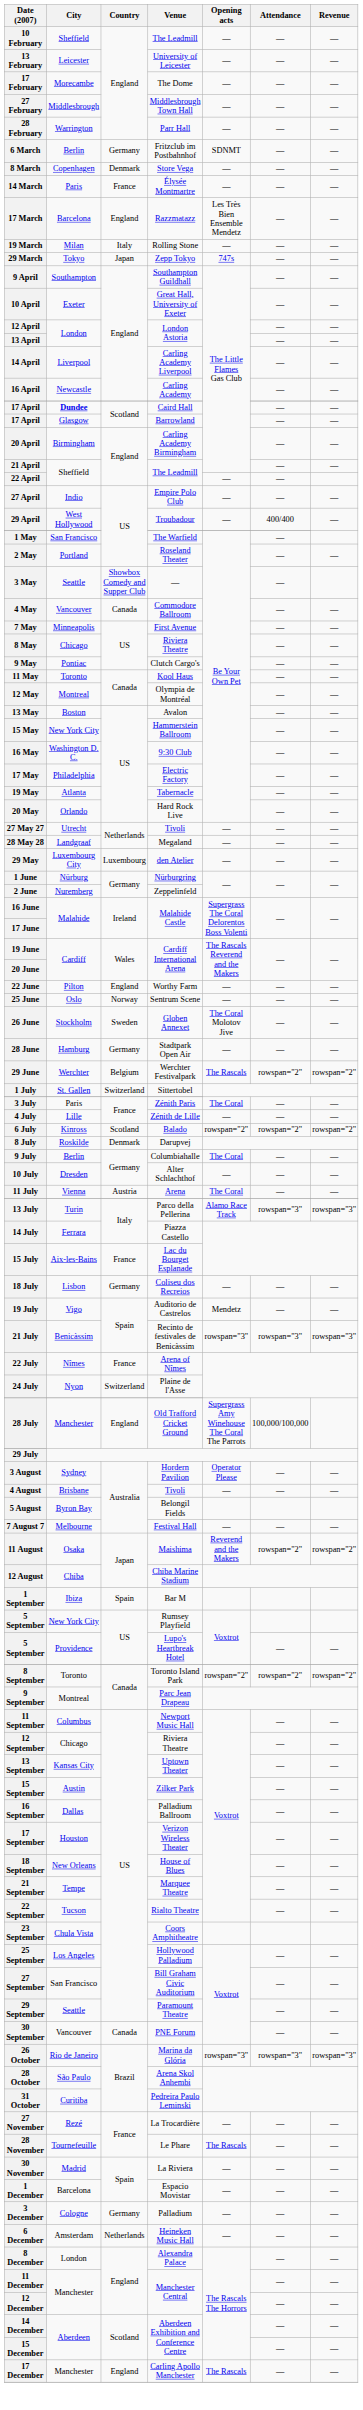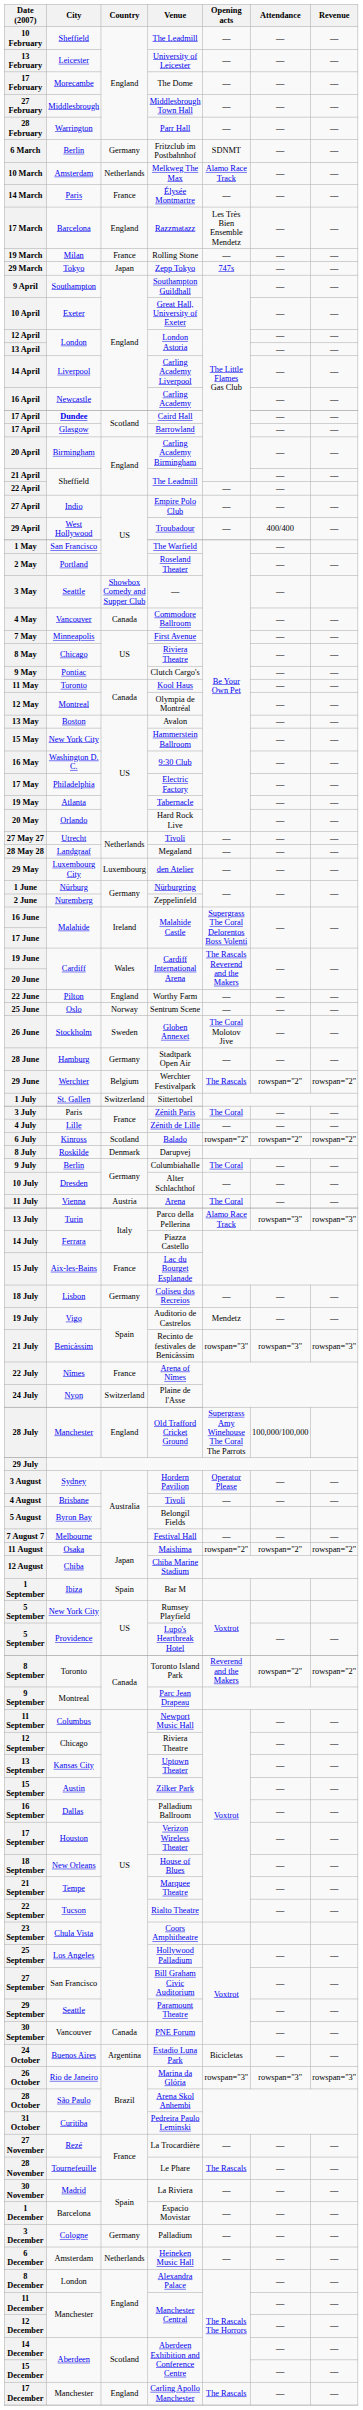 <table class="wikitable plainrowheaders" style="text-align:center;">
 <tr>
 <th scope="col" style="width:12em;">Date (2007)</th>
 <th scope="col" style="width:10em;">City</th>
 <th scope="col" style="width:10em;">Country</th>
 <th scope="col" style="width:16em;">Venue</th>
 <th scope="col" style="width:10em;">Opening acts</th>
 <th scope="col" style="width:10em;">Attendance</th>
 <th scope="col" style="width:10em;">Revenue</th>
 </tr>
 <tr>
 <th scope="row">10 February</th>
 <td><a href='#'>Sheffield</a></td>
 <td rowspan="5">England</td>
 <td><a href='#'>The Leadmill</a></td>
 <td>—</td>
 <td>—</td>
 <td>—</td>
 </tr>
 <tr>
 <th scope="row">13 February</th>
 <td><a href='#'>Leicester</a></td>
 <td><a href='#'>University of Leicester</a></td>
 <td>—</td>
 <td>—</td>
 <td>—</td>
 </tr>
 <tr>
 <th scope="row">17 February</th>
 <td><a href='#'>Morecambe</a></td>
 <td>The Dome</td>
 <td>—</td>
 <td>—</td>
 <td>—</td>
 </tr>
 <tr>
 <th scope="row">27 February</th>
 <td><a href='#'>Middlesbrough</a></td>
 <td><a href='#'>Middlesbrough Town Hall</a></td>
 <td>—</td>
 <td>—</td>
 <td>—</td>
 </tr>
 <tr>
 <th scope="row">28 February</th>
 <td><a href='#'>Warrington</a></td>
 <td><a href='#'>Parr Hall</a></td>
 <td>—</td>
 <td>—</td>
 <td>—</td>
 </tr>
 <tr>
 <th scope="row">6 March</th>
 <td><a href='#'>Berlin</a></td>
 <td>Germany</td>
 <td>Fritzclub im Postbahnhof</td>
 <td>SDNMT</td>
 <td>—</td>
 <td>—</td>
 </tr>
 <tr>
-<th scope="row">8 March</th>
-<td><a href='#'>Copenhagen</a></td>
-<td>Denmark</td>
-<td><a href='#'>Store Vega</a></td>
-<td>—</td>
+<th scope="row">10 March</th>
+<td><a href='#'>Amsterdam</a></td>
+<td>Netherlands</td>
+<td><a href='#'>Melkweg The Max</a></td>
+<td><a href='#'>Alamo Race Track</a></td>
 <td>—</td>
 <td>—</td>
 </tr>
 <tr>
 <th scope="row">14 March</th>
 <td><a href='#'>Paris</a></td>
 <td>France</td>
 <td><a href='#'>Élysée Montmartre</a></td>
 <td>—</td>
 <td>—</td>
 <td>—</td>
 </tr>
 <tr>
 <th scope="row">17 March</th>
 <td><a href='#'>Barcelona</a></td>
 <td>England</td>
 <td><a href='#'>Razzmatazz</a></td>
 <td>Les Très Bien Ensemble <br> Mendetz</td>
 <td>—</td>
 <td>—</td>
 </tr>
 <tr>
 <th scope="row">19 March</th>
 <td><a href='#'>Milan</a></td>
-<td>Italy</td>
+<td>France</td>
 <td>Rolling Stone</td>
 <td>—</td>
 <td>—</td>
 <td>—</td>
 </tr>
 <tr>
 <th scope="row">29 March</th>
 <td><a href='#'>Tokyo</a></td>
 <td>Japan</td>
 <td><a href='#'>Zepp Tokyo</a></td>
 <td><a href='#'>747s</a></td>
 <td>—</td>
 <td>—</td>
 </tr>
 <tr>
 <th scope="row">9 April</th>
 <td><a href='#'>Southampton</a></td>
 <td rowspan="6">England</td>
 <td><a href='#'>Southampton Guildhall</a></td>
 <td rowspan="11"><a href='#'>The Little Flames</a> <br> Gas Club</td>
 <td>—</td>
 <td>—</td>
 </tr>
 <tr>
 <th scope="row">10 April</th>
 <td><a href='#'>Exeter</a></td>
 <td><a href='#'>Great Hall, University of Exeter</a></td>
 <td>—</td>
 <td>—</td>
 </tr>
 <tr>
 <th scope="row">12 April</th>
 <td rowspan="2"><a href='#'>London</a></td>
 <td rowspan="2"><a href='#'>London Astoria</a></td>
 <td>—</td>
 <td>—</td>
 </tr>
 <tr>
 <th scope="row">13 April</th>
 <td>—</td>
 <td>—</td>
 </tr>
 <tr>
 <th scope="row">14 April</th>
 <td><a href='#'>Liverpool</a></td>
 <td><a href='#'>Carling Academy Liverpool</a></td>
 <td>—</td>
 <td>—</td>
 </tr>
 <tr>
 <th scope="row">16 April</th>
 <td><a href='#'>Newcastle</a></td>
 <td><a href='#'>Carling Academy</a></td>
 <td>—</td>
 <td>—</td>
 </tr>
 <tr>
 </tr>
 <tr>
 <th scope="row">17 April</th>
 <td><strong><a href='#'>Dundee</a></strong></td>
 <td rowspan="2">Scotland</td>
 <td><a href='#'>Caird Hall</a></td>
 <td>—</td>
 <td>—</td>
 </tr>
 <tr>
 <th scope="row">17 April</th>
 <td><a href='#'>Glasgow</a></td>
 <td><a href='#'>Barrowland</a></td>
 <td>—</td>
 <td>—</td>
 </tr>
 <tr>
 <th scope="row">20 April</th>
 <td><a href='#'>Birmingham</a></td>
 <td rowspan="3">England</td>
 <td><a href='#'>Carling Academy Birmingham</a></td>
 <td>—</td>
 <td>—</td>
 </tr>
 <tr>
 <th scope="row">21 April</th>
 <td rowspan="2">Sheffield</td>
 <td rowspan="2"><a href='#'>The Leadmill</a></td>
 <td>—</td>
 <td>—</td>
 </tr>
 <tr>
 <th scope="row">22 April</th>
 <td>—</td>
 <td>—</td>
 </tr>
 <tr>
 <th scope="row">27 April</th>
 <td><a href='#'>Indio</a></td>
 <td rowspan="5">US</td>
 <td><a href='#'>Empire Polo Club</a></td>
 <td>—</td>
 <td>—</td>
 <td>—</td>
 </tr>
 <tr>
 <th scope="row">29 April</th>
 <td><a href='#'>West Hollywood</a></td>
 <td><a href='#'>Troubadour</a></td>
 <td rowspan="1">—</td>
 <td>400/400</td>
 <td>—</td>
 </tr>
 <tr>
 </tr>
 <tr>
 <th scope="row">1 May</th>
 <td><a href='#'>San Francisco</a></td>
 <td><a href='#'>The Warfield</a></td>
 <td rowspan="15"><a href='#'>Be Your Own Pet</a></td>
 <td>—</td>
 </tr>
 <tr>
 <th scope="row">2 May</th>
 <td><a href='#'>Portland</a></td>
 <td><a href='#'>Roseland Theater</a></td>
 <td>—</td>
 <td>—</td>
 </tr>
 <tr>
 <th scope="row">3 May</th>
 <td><a href='#'>Seattle</a></td>
 <td><a href='#'>Showbox Comedy and Supper Club</a></td>
 <td>—</td>
 <td>—</td>
 </tr>
 <tr>
 <th scope="row">4 May</th>
 <td><a href='#'>Vancouver</a></td>
 <td>Canada</td>
 <td><a href='#'>Commodore Ballroom</a></td>
 <td>—</td>
 <td>—</td>
 </tr>
 <tr>
 <th scope="row">7 May</th>
 <td><a href='#'>Minneapolis</a></td>
 <td rowspan="3">US</td>
 <td><a href='#'>First Avenue</a></td>
 <td>—</td>
 <td>—</td>
 </tr>
 <tr>
 <th scope="row">8 May</th>
 <td><a href='#'>Chicago</a></td>
 <td><a href='#'>Riviera Theatre</a></td>
 <td>—</td>
 <td>—</td>
 </tr>
 <tr>
 <th scope="row">9 May</th>
 <td><a href='#'>Pontiac</a></td>
 <td>Clutch Cargo's</td>
 <td>—</td>
 <td>—</td>
 </tr>
 <tr>
 <th scope="row">11 May</th>
 <td><a href='#'>Toronto</a></td>
 <td rowspan="2">Canada</td>
 <td><a href='#'>Kool Haus</a></td>
 <td>—</td>
 <td>—</td>
 </tr>
 <tr>
 <th scope="row">12 May</th>
 <td><a href='#'>Montreal</a></td>
 <td>Olympia de Montréal</td>
 <td>—</td>
 <td>—</td>
 </tr>
 <tr>
 <th scope="row">13 May</th>
 <td><a href='#'>Boston</a></td>
 <td rowspan="6">US</td>
 <td>Avalon</td>
 <td>—</td>
 <td>—</td>
 </tr>
 <tr>
 <th scope="row">15 May</th>
 <td><a href='#'>New York City</a></td>
 <td><a href='#'>Hammerstein Ballroom</a></td>
 <td>—</td>
 <td>—</td>
 </tr>
 <tr>
 <th scope="row">16 May</th>
 <td><a href='#'>Washington D. C.</a></td>
 <td><a href='#'>9:30 Club</a></td>
 <td>—</td>
 <td>—</td>
 </tr>
 <tr>
 <th scope="row">17 May</th>
 <td><a href='#'>Philadelphia</a></td>
 <td><a href='#'>Electric Factory</a></td>
 <td>—</td>
 <td>—</td>
 </tr>
 <tr>
 <th scope="row">19 May</th>
 <td><a href='#'>Atlanta</a></td>
 <td><a href='#'>Tabernacle</a></td>
 <td>—</td>
 <td>—</td>
 </tr>
 <tr>
 <th scope="row">20 May</th>
 <td><a href='#'>Orlando</a></td>
 <td>Hard Rock Live</td>
 <td>—</td>
 <td>—</td>
 </tr>
 <tr>
 <th scope="row">27 May 27</th>
 <td><a href='#'>Utrecht</a></td>
 <td rowspan="2">Netherlands</td>
 <td><a href='#'>Tivoli</a></td>
 <td>—</td>
 <td>—</td>
 <td>—</td>
 </tr>
 <tr>
 <th scope="row">28 May 28</th>
 <td><a href='#'>Landgraaf</a></td>
 <td>Megaland</td>
 <td>—</td>
 <td>—</td>
 <td>—</td>
 </tr>
 <tr>
 <th scope="row">29 May</th>
 <td><a href='#'>Luxembourg City</a></td>
 <td>Luxembourg</td>
 <td><a href='#'>den Atelier</a></td>
 <td>—</td>
 <td>—</td>
 <td>—</td>
 </tr>
 <tr>
 <th scope="row">1 June</th>
 <td><a href='#'>Nürburg</a></td>
 <td rowspan="2">Germany</td>
 <td><a href='#'>Nürburgring</a></td>
 <td rowspan="2">—</td>
 <td rowspan="2">—</td>
 <td rowspan="2">—</td>
 </tr>
 <tr>
 <th scope="row">2 June</th>
 <td><a href='#'>Nuremberg</a></td>
 <td>Zeppelinfeld</td>
 </tr>
 <tr>
 <th scope="row">16 June</th>
 <td rowspan="2"><a href='#'>Malahide</a></td>
 <td rowspan="2">Ireland</td>
 <td rowspan="2"><a href='#'>Malahide Castle</a></td>
 <td rowspan="2"><a href='#'>Supergrass</a><br> <a href='#'>The Coral</a><br> <a href='#'>Delorentos</a> <br><a href='#'>Boss Volenti</a></td>
 <td rowspan="2">—</td>
 <td rowspan="2">—</td>
 </tr>
 <tr>
 <th scope="row">17 June</th>
 </tr>
 <tr>
 <th scope="row">19 June</th>
 <td rowspan="2"><a href='#'>Cardiff</a></td>
 <td rowspan="2">Wales</td>
 <td rowspan="2"><a href='#'>Cardiff International Arena</a></td>
 <td rowspan="2"><a href='#'>The Rascals</a> <br> <a href='#'>Reverend and the Makers</a></td>
 <td rowspan="2">—</td>
 <td rowspan="2">—</td>
 </tr>
 <tr>
 <th scope="row">20 June</th>
 </tr>
 <tr>
 <th scope="row">22 June</th>
 <td><a href='#'>Pilton</a></td>
 <td>England</td>
 <td>Worthy Farm</td>
 <td>—</td>
 <td>—</td>
 <td>—</td>
 </tr>
 <tr>
 <th scope="row">25 June</th>
 <td><a href='#'>Oslo</a></td>
 <td>Norway</td>
 <td>Sentrum Scene</td>
 <td>—</td>
 <td>—</td>
 <td>—</td>
 </tr>
 <tr>
 <th scope="row">26 June</th>
 <td><a href='#'>Stockholm</a></td>
 <td>Sweden</td>
 <td><a href='#'>Globen Annexet</a></td>
 <td><a href='#'>The Coral</a> <br> Molotov Jive</td>
 <td>—</td>
 <td>—</td>
 </tr>
 <tr>
 <th scope="row">28 June</th>
 <td><a href='#'>Hamburg</a></td>
 <td>Germany</td>
 <td>Stadtpark Open Air</td>
 <td>—</td>
 <td>—</td>
 <td>—</td>
 </tr>
 <tr>
 <th scope="row">29 June</th>
 <td><a href='#'>Werchter</a></td>
 <td>Belgium</td>
 <td>Werchter Festivalpark</td>
 <td><a href='#'>The Rascals</a></td>
 <td>rowspan="2" </td>
 <td>rowspan="2" </td>
 </tr>
 <tr>
 <th scope="row">1 July</th>
 <td><a href='#'>St. Gallen</a></td>
 <td>Switzerland</td>
 <td>Sittertobel</td>
 </tr>
 <tr>
 </tr>
 <tr>
 <th scope="row">3 July</th>
 <td>Paris</td>
 <td rowspan= "2">France</td>
 <td><a href='#'>Zénith Paris</a></td>
 <td><a href='#'>The Coral</a></td>
 <td>—</td>
 <td>—</td>
 </tr>
 <tr>
 <th scope="row">4 July</th>
 <td><a href='#'>Lille</a></td>
 <td><a href='#'>Zénith de Lille</a></td>
 <td>—</td>
 <td>—</td>
 <td>—</td>
 </tr>
 <tr>
 <th scope="row">6 July</th>
 <td><a href='#'>Kinross</a></td>
 <td>Scotland</td>
 <td><a href='#'>Balado</a></td>
 <td>rowspan="2" </td>
 <td>rowspan="2" </td>
 <td>rowspan="2" </td>
 </tr>
 <tr>
 <th scope="row">8 July</th>
 <td><a href='#'>Roskilde</a></td>
 <td>Denmark</td>
 <td>Darupvej</td>
 </tr>
 <tr>
 <th scope="row">9 July</th>
 <td><a href='#'>Berlin</a></td>
 <td rowspan="2">Germany</td>
 <td>Columbiahalle</td>
 <td><a href='#'>The Coral</a></td>
 <td>—</td>
 <td>—</td>
 </tr>
 <tr>
 <th scope="row">10 July</th>
 <td><a href='#'>Dresden</a></td>
 <td>Alter Schlachthof</td>
 <td>—</td>
 <td>—</td>
 <td>—</td>
 </tr>
 <tr>
 <th scope="row">11 July</th>
 <td><a href='#'>Vienna</a></td>
 <td>Austria</td>
 <td><a href='#'>Arena</a></td>
 <td><a href='#'>The Coral</a></td>
 <td>—</td>
 <td>—</td>
 </tr>
 <tr>
 </tr>
 <tr>
 <th scope="row">13 July</th>
 <td><a href='#'>Turin</a></td>
 <td rowspan="2">Italy</td>
 <td>Parco della Pellerina</td>
 <td><a href='#'>Alamo Race Track</a></td>
 <td>rowspan="3" </td>
 <td>rowspan="3" </td>
 </tr>
 <tr>
 <th scope="row">14 July</th>
 <td><a href='#'>Ferrara</a></td>
 <td>Piazza Castello</td>
 </tr>
 <tr>
 <th scope="row">15 July</th>
 <td><a href='#'>Aix-les-Bains</a></td>
 <td>France</td>
 <td><a href='#'>Lac du Bourget Esplanade</a></td>
 </tr>
 <tr>
 <th scope="row">18 July</th>
 <td><a href='#'>Lisbon</a></td>
 <td>Germany</td>
 <td><a href='#'>Coliseu dos Recreios</a></td>
 <td>—</td>
 <td>—</td>
 <td>—</td>
 </tr>
 <tr>
 <th scope="row">19 July</th>
 <td><a href='#'>Vigo</a></td>
 <td rowspan="2">Spain</td>
 <td>Auditorio de Castrelos</td>
 <td>Mendetz</td>
 <td>—</td>
 <td>—</td>
 </tr>
 <tr>
 <th scope="row">21 July</th>
 <td><a href='#'>Benicàssim</a></td>
 <td>Recinto de festivales de Benicàssim</td>
 <td>rowspan="3" </td>
 <td>rowspan="3" </td>
 <td>rowspan="3" </td>
 </tr>
 <tr>
 <th scope="row">22 July</th>
 <td><a href='#'>Nîmes</a></td>
 <td>France</td>
 <td><a href='#'>Arena of Nîmes</a></td>
 </tr>
 <tr>
 <th scope="row">24 July</th>
 <td><a href='#'>Nyon</a></td>
 <td>Switzerland</td>
 <td>Plaine de l'Asse</td>
 </tr>
 <tr>
 </tr>
 <tr>
 <th scope="row">28 July</th>
 <td rowspan="2"><a href='#'>Manchester</a></td>
 <td rowspan="2">England</td>
 <td rowspan="2"><a href='#'>Old Trafford Cricket Ground</a></td>
 <td rowspan="2"><a href='#'>Supergrass</a><br><a href='#'>Amy Winehouse</a><br><a href='#'>The Coral</a><br>The Parrots</td>
 <td rowspan="2">100,000/100,000</td>
 <td rowspan="2"></td>
 </tr>
 <tr>
 </tr>
 <tr>
 <th scope="row">29 July</th>
 </tr>
 <tr>
 <th scope="row">3 August</th>
 <td><a href='#'>Sydney</a></td>
 <td rowspan="4">Australia</td>
 <td><a href='#'>Hordern Pavilion</a></td>
 <td><a href='#'>Operator Please</a></td>
 <td>—</td>
 <td>—</td>
 </tr>
 <tr>
 <th scope="row">4 August</th>
 <td><a href='#'>Brisbane</a></td>
 <td><a href='#'>Tivoli</a></td>
 <td>—</td>
 <td>—</td>
 <td>—</td>
 </tr>
 <tr>
 <th scope="row">5 August</th>
 <td><a href='#'>Byron Bay</a></td>
 <td>Belongil Fields</td>
 <td></td>
 <td></td>
 <td></td>
 </tr>
 <tr>
 <th scope="row">7 August 7</th>
 <td><a href='#'>Melbourne</a></td>
 <td><a href='#'>Festival Hall</a></td>
 <td>—</td>
 <td>—</td>
 <td>—</td>
 </tr>
 <tr>
 <th scope="row">11 August</th>
 <td><a href='#'>Osaka</a></td>
 <td rowspan="2">Japan</td>
 <td><a href='#'>Maishima</a></td>
-<td><a href='#'>Reverend and the Makers</a></td>
+<td>rowspan="2" </td>
 <td>rowspan="2" </td>
 <td>rowspan="2" </td>
 </tr>
 <tr>
 <th scope="row">12 August</th>
 <td><a href='#'>Chiba</a></td>
 <td><a href='#'>Chiba Marine Stadium</a></td>
 </tr>
 <tr>
 <th scope="row">1 September</th>
 <td><a href='#'>Ibiza</a></td>
 <td>Spain</td>
 <td>Bar M</td>
 <td></td>
 <td></td>
 <td></td>
 </tr>
 <tr>
 <th scope="row">5 September</th>
 <td><a href='#'>New York City</a></td>
 <td rowspan="2">US</td>
 <td>Rumsey Playfield</td>
 <td rowspan="2"><a href='#'>Voxtrot</a></td>
 <td></td>
 <td></td>
 </tr>
 <tr>
 <th scope="row">5 September</th>
 <td><a href='#'>Providence</a></td>
 <td><a href='#'>Lupo's Heartbreak Hotel</a></td>
 <td>—</td>
 <td>—</td>
 </tr>
 <tr>
 </tr>
 <tr>
 <th scope="row">8 September</th>
 <td>Toronto</td>
 <td rowspan="2">Canada</td>
 <td>Toronto Island Park</td>
-<td>rowspan="2" </td>
+<td><a href='#'>Reverend and the Makers</a></td>
 <td>rowspan="2" </td>
 <td>rowspan="2" </td>
 </tr>
 <tr>
 <th scope="row">9 September</th>
 <td>Montreal</td>
 <td><a href='#'>Parc Jean Drapeau</a></td>
 </tr>
 <tr>
 <th scope="row">11 September</th>
 <td><a href='#'>Columbus</a></td>
 <td rowspan="13">US</td>
 <td><a href='#'>Newport Music Hall</a></td>
 <td rowspan=9><a href='#'>Voxtrot</a></td>
 <td>—</td>
 <td>—</td>
 </tr>
 <tr>
 <th scope="row">12 September</th>
 <td>Chicago</td>
 <td>Riviera Theatre</td>
 <td>—</td>
 <td>—</td>
 </tr>
 <tr>
 <th scope="row">13 September</th>
 <td><a href='#'>Kansas City</a></td>
 <td><a href='#'>Uptown Theater</a></td>
 <td>—</td>
 <td>—</td>
 </tr>
 <tr>
 <th scope="row">15 September</th>
 <td><a href='#'>Austin</a></td>
 <td><a href='#'>Zilker Park</a></td>
 <td>—</td>
 <td>—</td>
 </tr>
 <tr>
 <th scope="row">16 September</th>
 <td><a href='#'>Dallas</a> </td>
 <td>Palladium Ballroom</td>
 <td>—</td>
 <td>—</td>
 </tr>
 <tr>
 <th scope="row">17 September</th>
 <td><a href='#'>Houston</a></td>
 <td><a href='#'>Verizon Wireless Theater</a></td>
 <td>—</td>
 <td>—</td>
 </tr>
 <tr>
 <th scope="row">18 September</th>
 <td><a href='#'>New Orleans</a></td>
 <td><a href='#'>House of Blues</a></td>
 <td>—</td>
 <td>—</td>
 </tr>
 <tr>
 <th scope="row">21 September</th>
 <td><a href='#'>Tempe</a></td>
 <td><a href='#'>Marquee Theatre</a></td>
 <td>—</td>
 <td>—</td>
 </tr>
 <tr>
 <th scope="row">22 September</th>
 <td><a href='#'>Tucson</a></td>
 <td><a href='#'>Rialto Theatre</a></td>
 <td>—</td>
 <td>—</td>
 </tr>
 <tr>
 <th scope="row">23 September</th>
 <td><a href='#'>Chula Vista</a></td>
 <td><a href='#'>Coors Amphitheatre</a></td>
 <td></td>
 <td></td>
 <td></td>
 </tr>
 <tr>
 <th scope="row">25 September</th>
 <td><a href='#'>Los Angeles</a></td>
 <td><a href='#'>Hollywood Palladium</a></td>
 <td rowspan=4><a href='#'>Voxtrot</a></td>
 <td>—</td>
 <td>—</td>
 </tr>
 <tr>
 <th scope="row">27 September</th>
 <td>San Francisco</td>
 <td><a href='#'>Bill Graham Civic Auditorium</a></td>
 <td>—</td>
 <td>—</td>
 </tr>
 <tr>
 <th scope="row">29 September</th>
 <td><a href='#'>Seattle</a></td>
 <td><a href='#'>Paramount Theatre</a></td>
 <td>—</td>
 <td>—</td>
 </tr>
 <tr>
 <th scope="row">30 September</th>
 <td>Vancouver</td>
 <td>Canada</td>
 <td><a href='#'>PNE Forum</a></td>
+<td>—</td>
+<td>—</td>
+</tr>
+<tr>
+<th scope="row">24 October</th>
+<td><a href='#'>Buenos Aires</a></td>
+<td>Argentina</td>
+<td><a href='#'>Estadio Luna Park</a></td>
+<td>Bicicletas</td>
 <td>—</td>
 <td>—</td>
 </tr>
 <tr>
 <th scope="row">26 October</th>
 <td><a href='#'>Rio de Janeiro</a></td>
 <td rowspan="3">Brazil</td>
 <td><a href='#'>Marina da Glória</a></td>
 <td>rowspan="3" </td>
 <td>rowspan="3" </td>
 <td>rowspan="3" </td>
 </tr>
 <tr>
 <th scope="row">28 October</th>
 <td><a href='#'>São Paulo</a></td>
 <td><a href='#'>Arena Skol Anhembi</a></td>
 </tr>
 <tr>
 <th scope="row">31 October</th>
 <td><a href='#'>Curitiba</a></td>
 <td><a href='#'>Pedreira Paulo Leminski</a></td>
 </tr>
 <tr>
 <th scope="row">27 November</th>
 <td><a href='#'>Rezé</a></td>
 <td rowspan="2">France</td>
 <td>La Trocardière</td>
 <td>—</td>
 <td>—</td>
 <td>—</td>
 </tr>
 <tr>
 <th scope="row">28 November</th>
 <td><a href='#'>Tournefeuille</a></td>
 <td>Le Phare</td>
 <td><a href='#'>The Rascals</a></td>
 <td>—</td>
 <td>—</td>
 </tr>
 <tr>
 <th scope="row">30 November</th>
 <td><a href='#'>Madrid</a></td>
 <td rowspan="2">Spain</td>
 <td>La Riviera</td>
 <td>—</td>
 <td>—</td>
 <td>—</td>
 </tr>
 <tr>
 <th scope="row">1 December</th>
 <td>Barcelona</td>
 <td>Espacio Movistar</td>
 <td>—</td>
 <td>—</td>
 <td>—</td>
 </tr>
 <tr>
 <th scope="row">3 December</th>
 <td><a href='#'>Cologne</a></td>
 <td>Germany</td>
 <td>Palladium</td>
 <td>—</td>
 <td>—</td>
 <td>—</td>
 </tr>
 <tr>
 <th scope="row">6 December</th>
 <td>Amsterdam</td>
 <td>Netherlands</td>
 <td><a href='#'>Heineken Music Hall</a></td>
 <td>—</td>
 <td>—</td>
 <td>—</td>
 </tr>
 <tr>
 <th scope="row">8 December</th>
 <td>London</td>
 <td rowspan="3">England</td>
 <td><a href='#'>Alexandra Palace</a></td>
 <td rowspan="5"><a href='#'>The Rascals</a> <br> <a href='#'>The Horrors</a></td>
 <td>—</td>
 <td>—</td>
 </tr>
 <tr>
 <th scope="row">11 December</th>
 <td rowspan="2">Manchester</td>
 <td rowspan="2"><a href='#'>Manchester Central</a></td>
 <td>—</td>
 <td>—</td>
 </tr>
 <tr>
 <th scope="row">12 December</th>
 <td>—</td>
 <td>—</td>
 </tr>
 <tr>
 <th scope="row">14 December</th>
 <td rowspan="2"><a href='#'>Aberdeen</a></td>
 <td rowspan="2">Scotland</td>
 <td rowspan="2"><a href='#'>Aberdeen Exhibition and Conference Centre</a></td>
 <td>—</td>
 <td>—</td>
 </tr>
 <tr>
 <th scope="row">15 December</th>
 <td>—</td>
 <td>—</td>
 </tr>
 <tr>
 <th scope="row">17 December</th>
 <td>Manchester</td>
 <td>England</td>
 <td><a href='#'>Carling Apollo Manchester</a></td>
 <td><a href='#'>The Rascals</a></td>
 <td>—</td>
 <td>—</td>
 </tr>
 <tr>
 </tr>
 </table>
